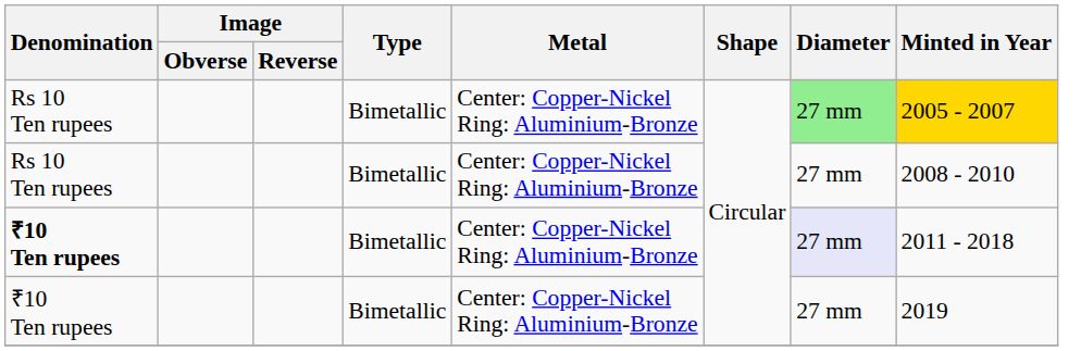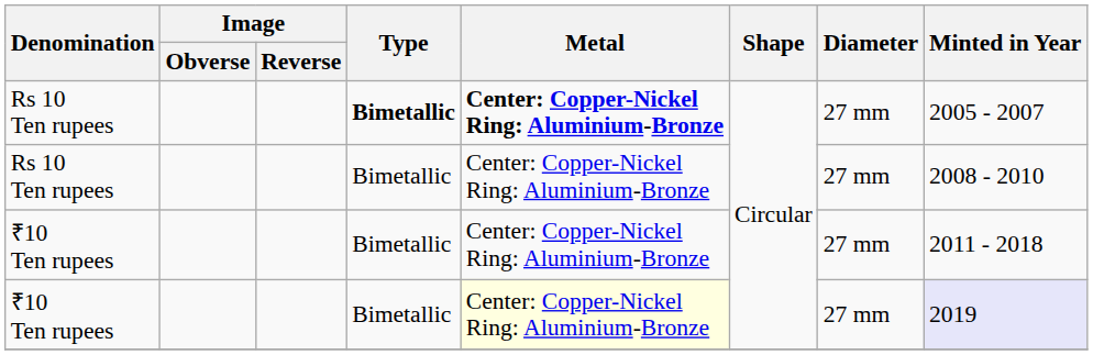 <table class="wikitable mw-collapsible">
 <tr>
 <th rowspan="2">Denomination</th>
 <th colspan="2">Image</th>
 <th rowspan="2">Type</th>
 <th rowspan="2">Metal</th>
 <th rowspan="2">Shape</th>
 <th rowspan="2">Diameter</th>
 <th rowspan="2">Minted in Year</th>
 </tr>
 <tr>
 <th>Obverse</th>
 <th>Reverse</th>
 </tr>
 <tr>
 <td>Rs 10<br>Ten rupees</td>
 <td></td>
 <td></td>
-<td>Bimetallic</td>
-<td>Center: <a href='#'>Copper-Nickel</a><br>Ring: <a href='#'>Aluminium</a>-<a href='#'>Bronze</a></td>
+<td><strong>Bimetallic</strong></td>
+<td><strong>Center: <a href='#'>Copper-Nickel</a><br>Ring: <a href='#'>Aluminium</a>-<a href='#'>Bronze</a></strong></td>
 <td rowspan="4">Circular</td>
-<td style="background: lightgreen;">27 mm</td>
-<td style="background: gold;">2005 - 2007</td>
+<td>27 mm</td>
+<td>2005 - 2007</td>
 </tr>
 <tr>
 <td>Rs 10<br>Ten rupees</td>
 <td></td>
 <td></td>
 <td>Bimetallic</td>
 <td>Center: <a href='#'>Copper-Nickel</a><br>Ring: <a href='#'>Aluminium</a>-<a href='#'>Bronze</a></td>
 <td>27 mm</td>
 <td>2008 - 2010</td>
 </tr>
 <tr>
-<td><strong>₹10<br>Ten rupees</strong></td>
+<td>₹10<br>Ten rupees</td>
 <td></td>
 <td></td>
 <td>Bimetallic</td>
 <td>Center: <a href='#'>Copper-Nickel</a><br>Ring: <a href='#'>Aluminium</a>-<a href='#'>Bronze</a></td>
-<td style="background: lavender;">27 mm</td>
+<td>27 mm</td>
 <td>2011 - 2018</td>
 </tr>
 <tr>
 <td>₹10<br>Ten rupees</td>
 <td></td>
 <td></td>
 <td>Bimetallic</td>
-<td>Center: <a href='#'>Copper-Nickel</a><br>Ring: <a href='#'>Aluminium</a>-<a href='#'>Bronze</a></td>
+<td style="background: lightyellow;">Center: <a href='#'>Copper-Nickel</a><br>Ring: <a href='#'>Aluminium</a>-<a href='#'>Bronze</a></td>
 <td>27 mm</td>
-<td>2019</td>
+<td style="background: lavender;">2019</td>
 </tr>
 <tr>
 </tr>
 </table>
